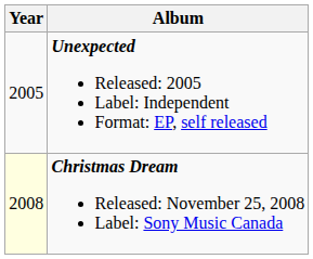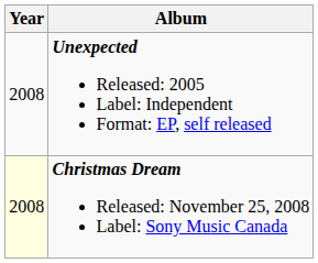 <table class="wikitable">
 <tr>
 <th>Year</th>
 <th>Album</th>
 </tr>
 <tr>
-<td>2005</td>
+<td>2008</td>
 <td><strong><em>Unexpected</em></strong><br><ul><li>Released: 2005</li><li>Label: Independent</li><li>Format: <a href='#'>EP</a>, <a href='#'>self released</a></li></ul></td>
 </tr>
 <tr>
 <td style="background: lightyellow;">2008</td>
 <td><strong><em>Christmas Dream</em></strong><br><ul><li>Released: November 25, 2008</li><li>Label: <a href='#'>Sony Music Canada</a></li></ul></td>
 </tr>
 </table>
